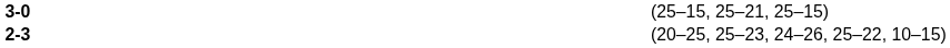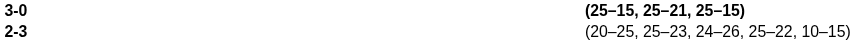 <table width=100% cellspacing=1>
 <tr>
 <th width=20%></th>
 <th width=12%></th>
 <th width=20%></th>
 <th width=33%></th>
 <td></td>
 </tr>
 <tr style=font-size:90%>
 <td align=right></td>
 <td align=center><strong>3-0</strong></td>
 <td></td>
-<td>(25–15, 25–21, 25–15)</td>
+<td><strong>(25–15, 25–21, 25–15)</strong></td>
 <td></td>
 </tr>
 <tr style=font-size:90%>
 <td align=right></td>
 <td align=center><strong>2-3</strong></td>
 <td></td>
 <td>(20–25, 25–23, 24–26, 25–22, 10–15)</td>
 </tr>
 </table>
